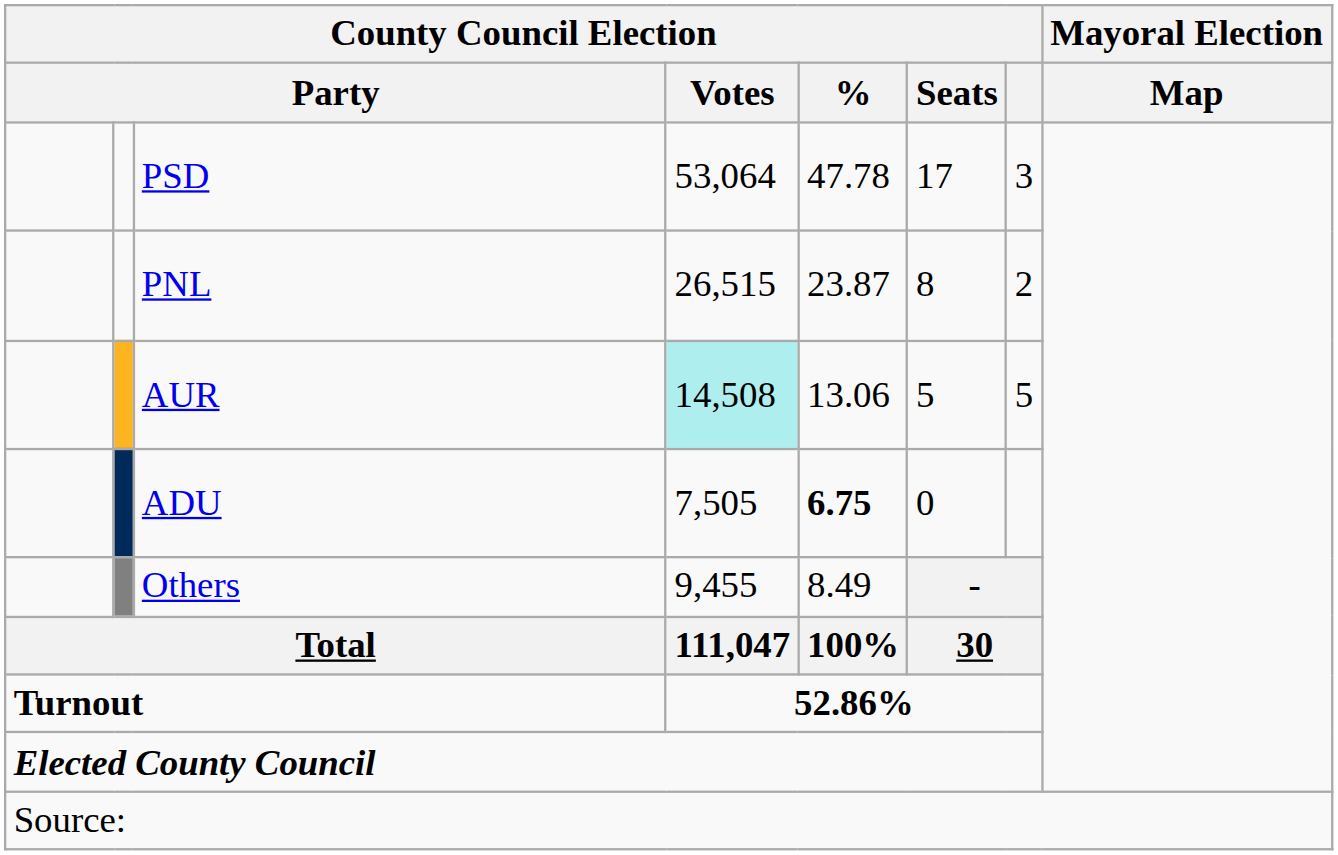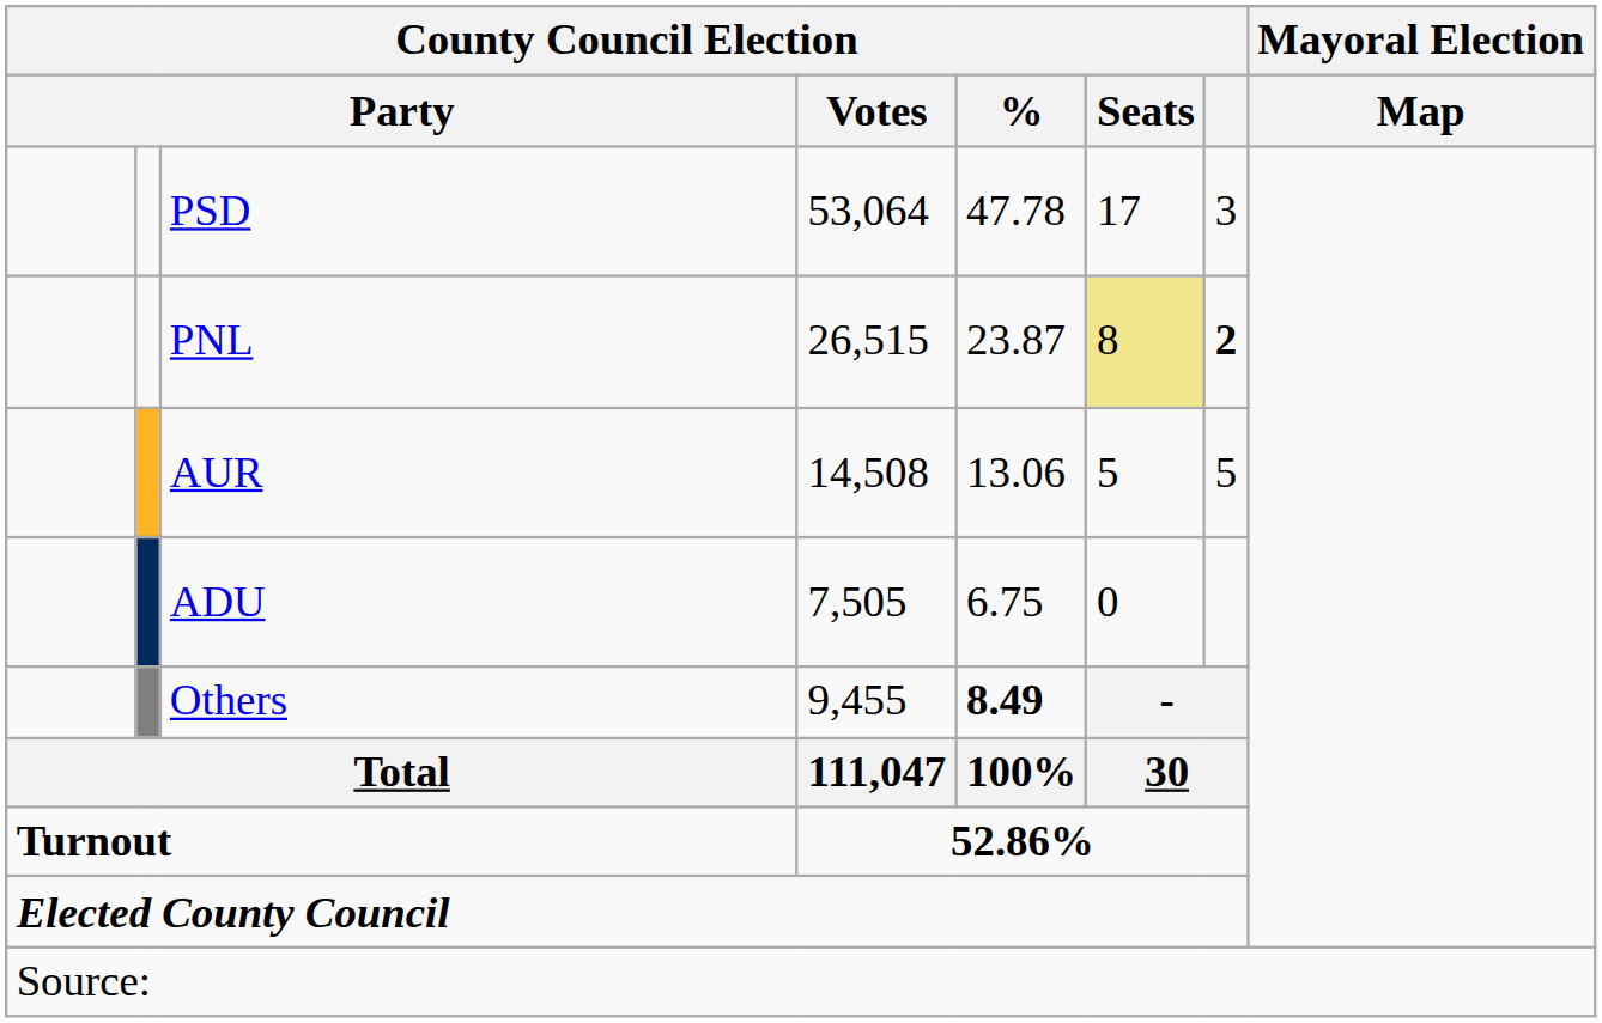 <table class="wikitable" style="text-align:left">
 <tr>
 <th colspan="7">County Council Election</th>
 <th>Mayoral Election</th>
 </tr>
 <tr>
 <th colspan="3" width="280">Party</th>
 <th>Votes</th>
 <th>%</th>
 <th>Seats</th>
 <th></th>
 <th>Map</th>
 </tr>
 <tr>
 <td width="40" height="40"></td>
 <td style="color:inherit;background:"></td>
 <td align="left"><a href='#'>PSD</a></td>
 <td>53,064</td>
 <td>47.78</td>
 <td>17</td>
 <td>3</td>
 <td rowspan="8"></td>
 </tr>
 <tr>
 <td height="40"></td>
 <td width="1" style="color:inherit;background:"></td>
 <td align="left"><a href='#'>PNL</a></td>
 <td>26,515</td>
 <td>23.87</td>
-<td>8</td>
-<td>2</td>
+<td style="background: khaki;">8</td>
+<td><strong>2</strong></td>
 </tr>
 <tr>
 <td height="40"></td>
 <td style="background:#FCB521;"></td>
 <td><a href='#'>AUR</a></td>
-<td style="background: paleturquoise;">14,508</td>
+<td>14,508</td>
 <td>13.06</td>
 <td>5</td>
 <td>5</td>
 </tr>
 <tr>
 <td height="40"></td>
 <td style="background:#002A59;"></td>
 <td align="left"><a href='#'>ADU</a></td>
 <td>7,505</td>
-<td><strong>6.75</strong></td>
+<td>6.75</td>
 <td>0</td>
 <td></td>
 </tr>
 <tr>
 <td></td>
 <td style="background-color:Grey "></td>
 <td align="left"><a href='#'>Others</a></td>
 <td>9,455</td>
-<td>8.49</td>
+<td><strong>8.49</strong></td>
 <th colspan="2">-</th>
 </tr>
 <tr>
 <th colspan="3"><strong><u>Total</u></strong></th>
 <th style="text-align:left">111,047</th>
 <th style="text-align:left">100%</th>
 <th colspan="2"><strong><u>30</u></strong></th>
 </tr>
 <tr>
 <td colspan="3"><strong>Turnout</strong></td>
 <td colspan="4" style="text-align: center"><strong>52.86%</strong></td>
 </tr>
 <tr>
 <td colspan="7"><strong><em>Elected County Council</em></strong></td>
 </tr>
 <tr>
 <td colspan="8">Source: </td>
 </tr>
 </table>
